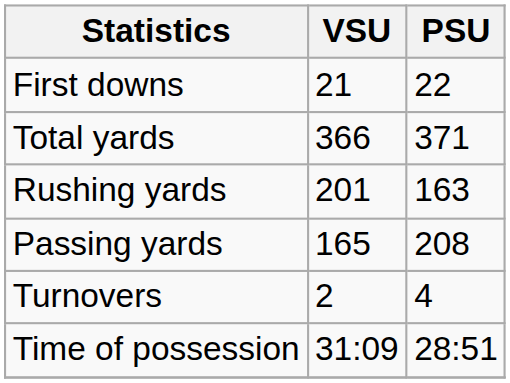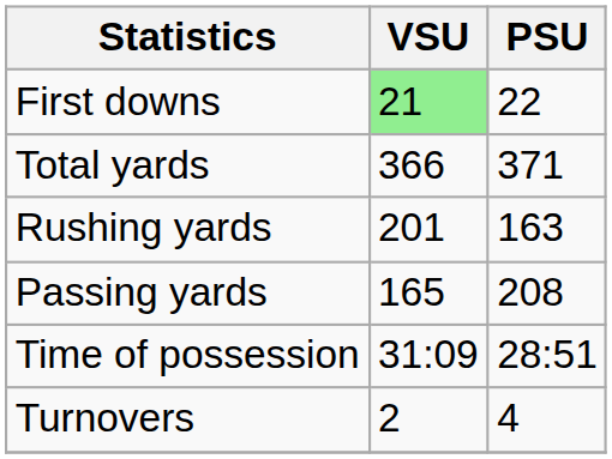 <table class="wikitable" style="float: left;">
 <tr>
 <th>Statistics</th>
 <th>VSU</th>
 <th>PSU</th>
 </tr>
 <tr>
 <td>First downs</td>
-<td>21</td>
+<td style="background: lightgreen;">21</td>
 <td>22</td>
 </tr>
 <tr>
 <td>Total yards</td>
 <td>366</td>
 <td>371</td>
 </tr>
 <tr>
 <td>Rushing yards</td>
 <td>201</td>
 <td>163</td>
 </tr>
 <tr>
 <td>Passing yards</td>
 <td>165</td>
 <td>208</td>
 </tr>
 <tr>
+<td>Time of possession</td>
+<td>31:09</td>
+<td>28:51</td>
+</tr>
+<tr>
 <td>Turnovers</td>
 <td>2</td>
 <td>4</td>
 </tr>
 <tr>
-<td>Time of possession</td>
-<td>31:09</td>
-<td>28:51</td>
-</tr>
-<tr>
 </tr>
 </table>
